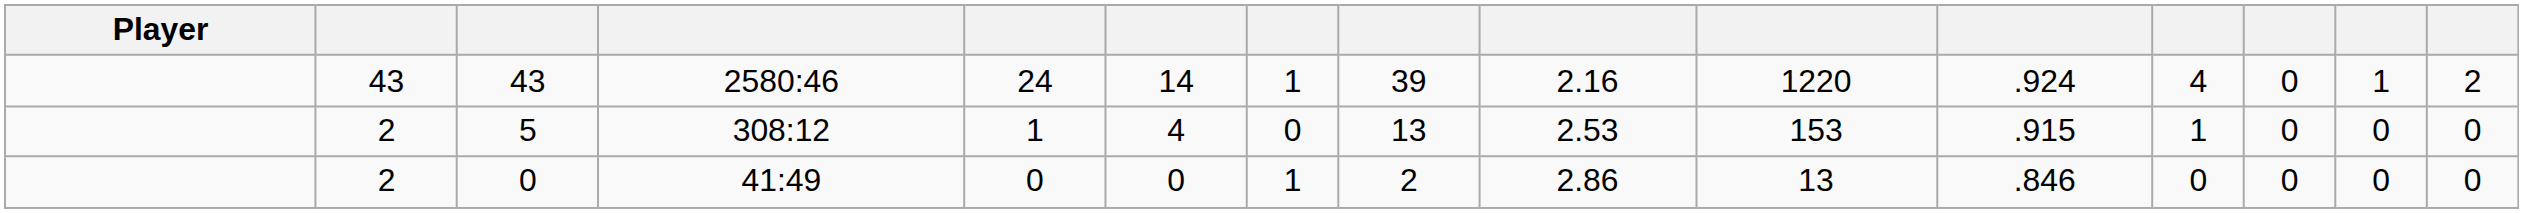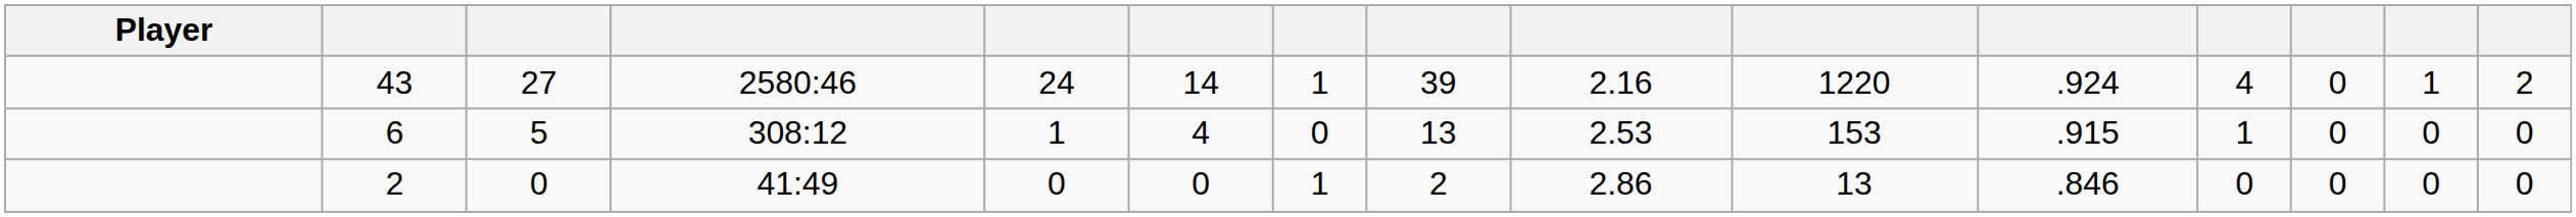 <table class="wikitable sortable" style="width:100%;">
 <tr style="text-align:center; background:#ddd;">
 <th>Player</th>
 <th></th>
 <th></th>
 <th></th>
 <th></th>
 <th></th>
 <th></th>
 <th></th>
 <th></th>
 <th></th>
 <th></th>
 <th></th>
 <th></th>
 <th></th>
 <th></th>
 </tr>
 <tr align=center>
 <td></td>
 <td>43</td>
-<td>43</td>
+<td>27</td>
 <td>2580:46</td>
 <td>24</td>
 <td>14</td>
 <td>1</td>
 <td>39</td>
 <td>2.16</td>
 <td>1220</td>
 <td>.924</td>
 <td>4</td>
 <td>0</td>
 <td>1</td>
 <td>2</td>
 </tr>
 <tr align=center>
 <td></td>
-<td>2</td>
+<td>6</td>
 <td>5</td>
 <td>308:12</td>
 <td>1</td>
 <td>4</td>
 <td>0</td>
 <td>13</td>
 <td>2.53</td>
 <td>153</td>
 <td>.915</td>
 <td>1</td>
 <td>0</td>
 <td>0</td>
 <td>0</td>
 </tr>
 <tr align=center>
 <td></td>
 <td>2</td>
 <td>0</td>
 <td>41:49</td>
 <td>0</td>
 <td>0</td>
 <td>1</td>
 <td>2</td>
 <td>2.86</td>
 <td>13</td>
 <td>.846</td>
 <td>0</td>
 <td>0</td>
 <td>0</td>
 <td>0</td>
 </tr>
 </table>
